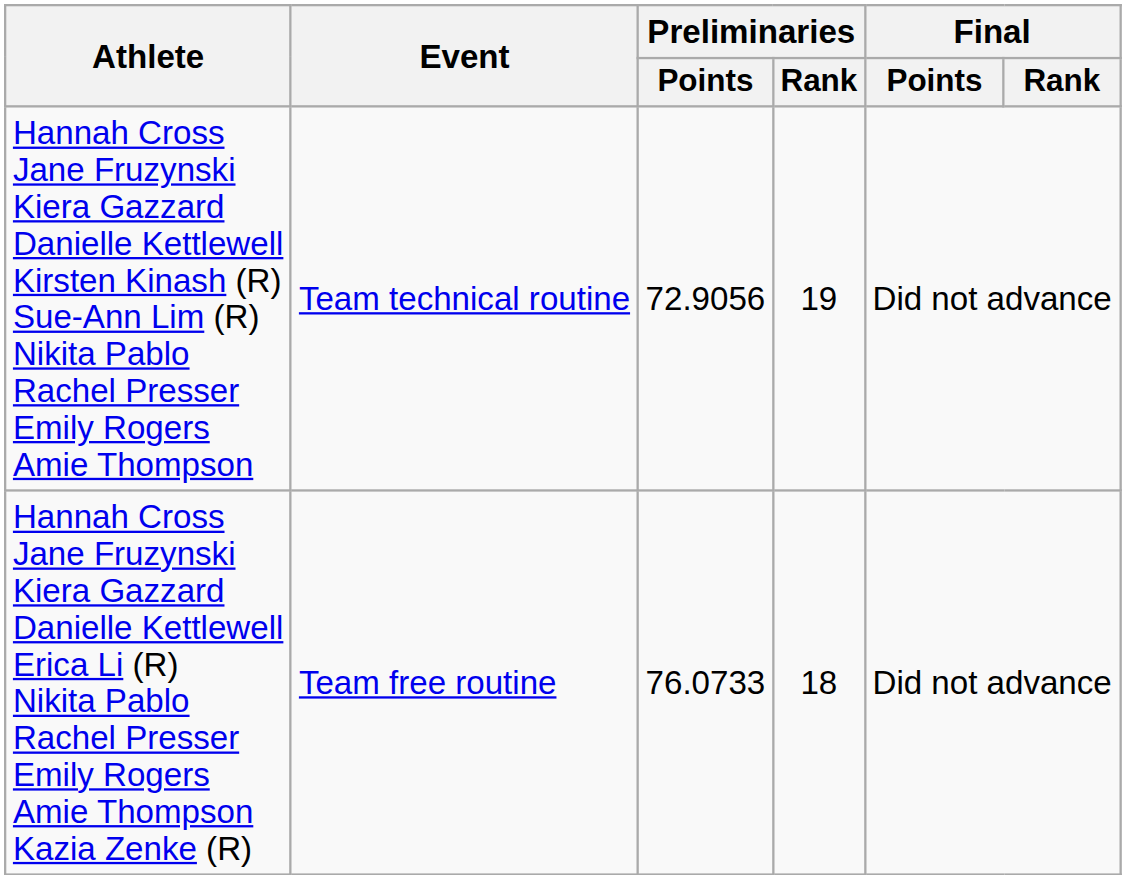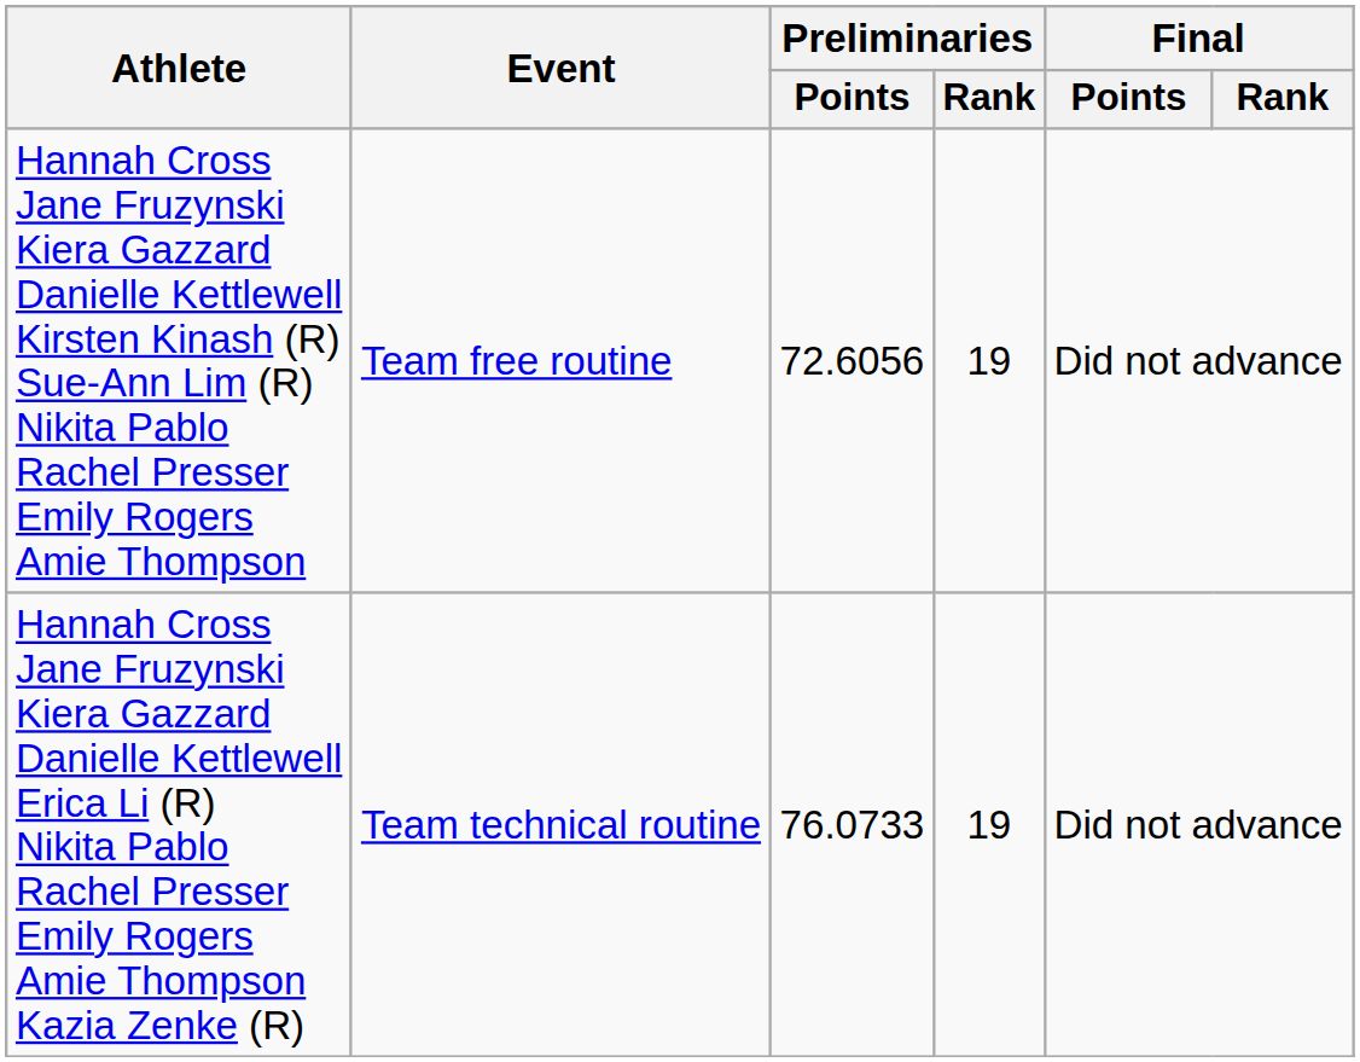 <table class=wikitable style="font-size:90%">
 <tr>
 <th rowspan="2">Athlete</th>
 <th rowspan="2">Event</th>
 <th colspan="2">Preliminaries</th>
 <th colspan="2">Final</th>
 </tr>
 <tr style="font-size:95%">
 <th>Points</th>
 <th>Rank</th>
 <th>Points</th>
 <th>Rank</th>
 </tr>
 <tr align=center>
 <td align=left><a href='#'>Hannah Cross</a><br><a href='#'>Jane Fruzynski</a><br><a href='#'>Kiera Gazzard</a><br><a href='#'>Danielle Kettlewell</a><br><a href='#'>Kirsten Kinash</a> (R)<br><a href='#'>Sue-Ann Lim</a> (R)<br><a href='#'>Nikita Pablo</a><br><a href='#'>Rachel Presser</a><br><a href='#'>Emily Rogers</a><br><a href='#'>Amie Thompson</a></td>
-<td align=left><a href='#'>Team technical routine</a></td>
-<td>72.9056</td>
+<td align=left><a href='#'>Team free routine</a></td>
+<td>72.6056</td>
 <td>19</td>
 <td colspan=2>Did not advance</td>
 </tr>
 <tr align=center>
 <td align=left><a href='#'>Hannah Cross</a><br><a href='#'>Jane Fruzynski</a><br><a href='#'>Kiera Gazzard</a><br><a href='#'>Danielle Kettlewell</a><br><a href='#'>Erica Li</a> (R)<br><a href='#'>Nikita Pablo</a><br><a href='#'>Rachel Presser</a><br><a href='#'>Emily Rogers</a><br><a href='#'>Amie Thompson</a><br><a href='#'>Kazia Zenke</a> (R)</td>
-<td align=left><a href='#'>Team free routine</a></td>
+<td align=left><a href='#'>Team technical routine</a></td>
 <td>76.0733</td>
-<td>18</td>
+<td>19</td>
 <td colspan=2>Did not advance</td>
 </tr>
 </table>
